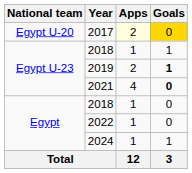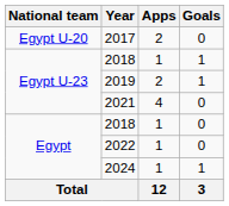 <table class = "wikitable" style = "text-align:center">
 <tr>
 <th>National team</th>
 <th>Year</th>
 <th>Apps</th>
 <th>Goals</th>
 </tr>
 <tr>
 <td><a href='#'>Egypt U-20</a></td>
 <td>2017</td>
-<td style="background: lightyellow;">2</td>
-<td style="background: gold;">0</td>
+<td>2</td>
+<td>0</td>
 </tr>
 <tr>
 <td rowspan="3"><a href='#'>Egypt U-23</a></td>
 <td>2018</td>
 <td>1</td>
 <td>1</td>
 </tr>
 <tr>
 <td>2019</td>
 <td>2</td>
-<td><strong>1</strong></td>
+<td>1</td>
 </tr>
 <tr>
 <td>2021</td>
 <td>4</td>
-<td><strong>0</strong></td>
+<td>0</td>
 </tr>
 <tr>
 <td rowspan="3"><a href='#'>Egypt</a></td>
 <td>2018</td>
 <td>1</td>
 <td>0</td>
 </tr>
 <tr>
 <td>2022</td>
 <td>1</td>
 <td>0</td>
 </tr>
 <tr>
 <td>2024</td>
 <td>1</td>
 <td>1</td>
 </tr>
 <tr>
 <th colspan="2">Total</th>
 <th>12</th>
 <th>3</th>
 </tr>
 </table>
